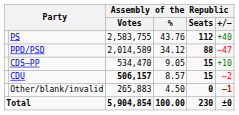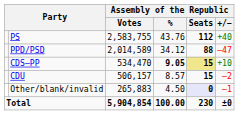 <table class="wikitable" style="text-align:right; font-size:95%;">
 <tr>
 <th colspan="2" rowspan="2">Party</th>
 <th colspan="4">Assembly of the Republic</th>
 </tr>
 <tr>
 <th>Votes</th>
 <th>%</th>
 <th>Seats</th>
 <th>+/−</th>
 </tr>
 <tr>
 <td style="background:"></td>
 <td align="left"><a href='#'>PS</a></td>
 <td>2,583,755</td>
 <td>43.76</td>
 <td><strong>112</strong></td>
 <td style="color:green;">+40</td>
 </tr>
 <tr>
 <td style="background:"></td>
 <td align="left"><a href='#'>PPD/PSD</a></td>
 <td>2,014,589</td>
 <td>34.12</td>
 <td><strong>88</strong></td>
 <td style="color:red;">–47</td>
 </tr>
 <tr>
 <td style="background:"></td>
 <td align="left"><a href='#'>CDS–PP</a></td>
 <td>534,470</td>
-<td>9.05</td>
-<td><strong>15</strong></td>
+<td><strong>9.05</strong></td>
+<td style="background: khaki;"><strong>15</strong></td>
 <td style="color:green;">+10</td>
 </tr>
 <tr>
 <td style="background:"></td>
 <td align="left"><a href='#'>CDU</a></td>
-<td><strong>506,157</strong></td>
+<td>506,157</td>
 <td>8.57</td>
 <td><strong>15</strong></td>
 <td style="color:red;">–2</td>
 </tr>
 <tr>
 <td style="background:white;"></td>
 <td align="left">Other/blank/invalid</td>
 <td>265,883</td>
 <td>4.50</td>
-<td><strong>0</strong></td>
-<td style="color:red;"><strong>–1</strong></td>
+<td style="background: lavender;"><strong>0</strong></td>
+<td style="color:red;">–1</td>
 </tr>
 <tr style="font-weight:bold">
 <td colspan="2" align="left">Total</td>
 <td>5,904,854</td>
 <td>100.00</td>
 <td>230</td>
 <td>±0</td>
 </tr>
 </table>
